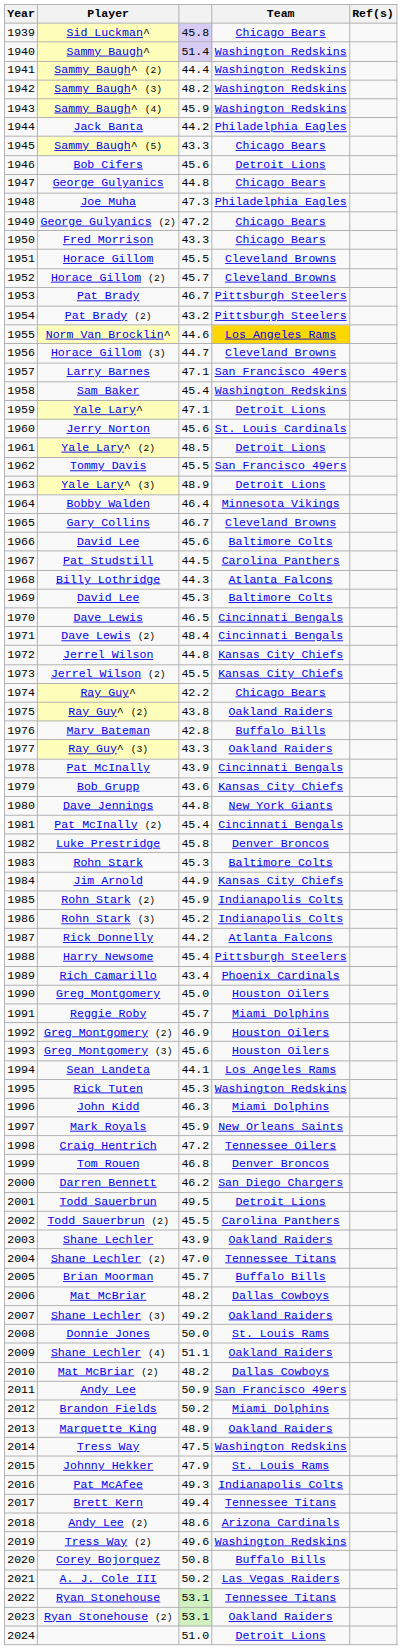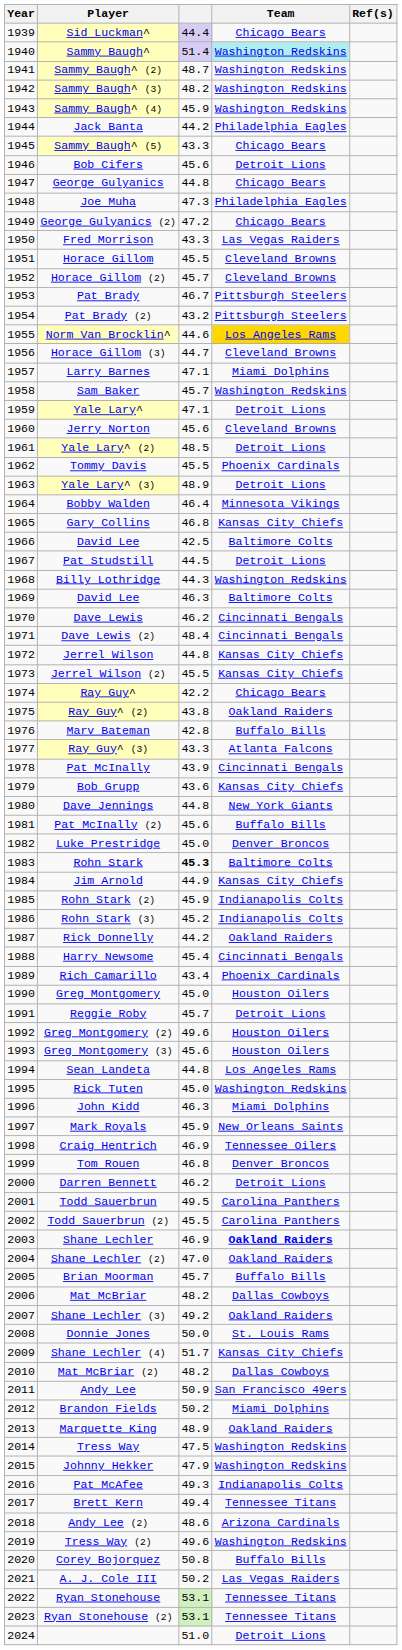 <table class="wikitable sortable" style="text-align:center;">
 <tr>
 <th>Year</th>
 <th>Player</th>
 <th></th>
 <th>Team</th>
 <th>Ref(s)</th>
 </tr>
 <tr>
 <td>1939</td>
 <td style="background:#ffb;"><a href='#'>Sid Luckman</a>^</td>
-<td style="background:#d7ccf3;">45.8</td>
+<td style="background:#d7ccf3;">44.4</td>
 <td><a href='#'>Chicago Bears</a></td>
 <td></td>
 </tr>
 <tr>
 <td>1940</td>
 <td style="background:#ffb;"><a href='#'>Sammy Baugh</a>^</td>
 <td style="background:#d7ccf3;">51.4</td>
-<td><a href='#'>Washington Redskins</a></td>
+<td style="background: paleturquoise;"><a href='#'>Washington Redskins</a></td>
 <td></td>
 </tr>
 <tr>
 <td>1941</td>
 <td style="background:#ffb;"><a href='#'>Sammy Baugh</a>^ <small>(2)</small></td>
-<td>44.4</td>
+<td>48.7</td>
 <td><a href='#'>Washington Redskins</a></td>
 <td></td>
 </tr>
 <tr>
 <td>1942</td>
 <td style="background:#ffb;"><a href='#'>Sammy Baugh</a>^ <small>(3)</small></td>
 <td>48.2</td>
 <td><a href='#'>Washington Redskins</a></td>
 <td></td>
 </tr>
 <tr>
 <td>1943</td>
 <td style="background:#ffb;"><a href='#'>Sammy Baugh</a>^ <small>(4)</small></td>
 <td>45.9</td>
 <td><a href='#'>Washington Redskins</a></td>
 <td></td>
 </tr>
 <tr>
 <td>1944</td>
 <td><a href='#'>Jack Banta</a></td>
 <td>44.2</td>
 <td><a href='#'>Philadelphia Eagles</a></td>
 <td></td>
 </tr>
 <tr>
 <td>1945</td>
 <td style="background:#ffb;"><a href='#'>Sammy Baugh</a>^ <small>(5)</small></td>
 <td>43.3</td>
 <td><a href='#'>Chicago Bears</a></td>
 <td></td>
 </tr>
 <tr>
 <td>1946</td>
 <td><a href='#'>Bob Cifers</a></td>
 <td>45.6</td>
 <td><a href='#'>Detroit Lions</a></td>
 <td></td>
 </tr>
 <tr>
 <td>1947</td>
 <td><a href='#'>George Gulyanics</a></td>
 <td>44.8</td>
 <td><a href='#'>Chicago Bears</a></td>
 <td></td>
 </tr>
 <tr>
 <td>1948</td>
 <td><a href='#'>Joe Muha</a></td>
 <td>47.3</td>
 <td><a href='#'>Philadelphia Eagles</a></td>
 <td></td>
 </tr>
 <tr>
 <td>1949</td>
 <td><a href='#'>George Gulyanics</a> <small>(2)</small></td>
 <td>47.2</td>
 <td><a href='#'>Chicago Bears</a></td>
 <td></td>
 </tr>
 <tr>
 <td>1950</td>
 <td><a href='#'>Fred Morrison</a></td>
 <td>43.3</td>
-<td><a href='#'>Chicago Bears</a></td>
+<td><a href='#'>Las Vegas Raiders</a></td>
 <td></td>
 </tr>
 <tr>
 <td>1951</td>
 <td><a href='#'>Horace Gillom</a></td>
 <td>45.5</td>
 <td><a href='#'>Cleveland Browns</a></td>
 <td></td>
 </tr>
 <tr>
 <td>1952</td>
 <td><a href='#'>Horace Gillom</a> <small>(2)</small></td>
 <td>45.7</td>
 <td><a href='#'>Cleveland Browns</a></td>
 <td></td>
 </tr>
 <tr>
 <td>1953</td>
 <td><a href='#'>Pat Brady</a></td>
 <td>46.7</td>
 <td><a href='#'>Pittsburgh Steelers</a></td>
 <td></td>
 </tr>
 <tr>
 <td>1954</td>
 <td><a href='#'>Pat Brady</a> <small>(2)</small></td>
 <td>43.2</td>
 <td><a href='#'>Pittsburgh Steelers</a></td>
 <td></td>
 </tr>
 <tr>
 <td>1955</td>
 <td style="background:#ffb;"><a href='#'>Norm Van Brocklin</a>^</td>
 <td>44.6</td>
 <td style="background: gold;"><a href='#'>Los Angeles Rams</a></td>
 <td></td>
 </tr>
 <tr>
 <td>1956</td>
 <td><a href='#'>Horace Gillom</a> <small>(3)</small></td>
 <td>44.7</td>
 <td><a href='#'>Cleveland Browns</a></td>
 <td></td>
 </tr>
 <tr>
 <td>1957</td>
 <td><a href='#'>Larry Barnes</a></td>
 <td>47.1</td>
-<td><a href='#'>San Francisco 49ers</a></td>
+<td><a href='#'>Miami Dolphins</a></td>
 <td></td>
 </tr>
 <tr>
 <td>1958</td>
 <td><a href='#'>Sam Baker</a></td>
-<td>45.4</td>
+<td>45.7</td>
 <td><a href='#'>Washington Redskins</a></td>
 <td></td>
 </tr>
 <tr>
 <td>1959</td>
 <td style="background:#ffb;"><a href='#'>Yale Lary</a>^</td>
 <td>47.1</td>
 <td><a href='#'>Detroit Lions</a></td>
 <td></td>
 </tr>
 <tr>
 <td>1960</td>
 <td><a href='#'>Jerry Norton</a></td>
 <td>45.6</td>
-<td><a href='#'>St. Louis Cardinals</a></td>
+<td><a href='#'>Cleveland Browns</a></td>
 <td></td>
 </tr>
 <tr>
 <td>1961</td>
 <td style="background:#ffb;"><a href='#'>Yale Lary</a>^ <small>(2)</small></td>
 <td>48.5</td>
 <td><a href='#'>Detroit Lions</a></td>
 <td></td>
 </tr>
 <tr>
 <td>1962</td>
 <td><a href='#'>Tommy Davis</a></td>
 <td>45.5</td>
-<td><a href='#'>San Francisco 49ers</a></td>
+<td><a href='#'>Phoenix Cardinals</a></td>
 <td></td>
 </tr>
 <tr>
 <td>1963</td>
 <td style="background:#ffb;"><a href='#'>Yale Lary</a>^ <small>(3)</small></td>
 <td>48.9</td>
 <td><a href='#'>Detroit Lions</a></td>
 <td></td>
 </tr>
 <tr>
 <td>1964</td>
 <td><a href='#'>Bobby Walden</a></td>
 <td>46.4</td>
 <td><a href='#'>Minnesota Vikings</a></td>
 <td></td>
 </tr>
 <tr>
 <td>1965</td>
 <td><a href='#'>Gary Collins</a></td>
-<td>46.7</td>
-<td><a href='#'>Cleveland Browns</a></td>
+<td>46.8</td>
+<td><a href='#'>Kansas City Chiefs</a></td>
 <td></td>
 </tr>
 <tr>
 <td>1966</td>
 <td><a href='#'>David Lee</a></td>
-<td>45.6</td>
+<td>42.5</td>
 <td><a href='#'>Baltimore Colts</a></td>
 <td></td>
 </tr>
 <tr>
 <td>1967</td>
 <td><a href='#'>Pat Studstill</a></td>
 <td>44.5</td>
-<td><a href='#'>Carolina Panthers</a></td>
+<td><a href='#'>Detroit Lions</a></td>
 <td></td>
 </tr>
 <tr>
 <td>1968</td>
 <td><a href='#'>Billy Lothridge</a></td>
 <td>44.3</td>
-<td><a href='#'>Atlanta Falcons</a></td>
+<td><a href='#'>Washington Redskins</a></td>
 <td></td>
 </tr>
 <tr>
 <td>1969</td>
 <td><a href='#'>David Lee</a></td>
-<td>45.3</td>
+<td>46.3</td>
 <td><a href='#'>Baltimore Colts</a></td>
 <td></td>
 </tr>
 <tr>
 <td>1970</td>
 <td><a href='#'>Dave Lewis</a></td>
-<td>46.5</td>
+<td>46.2</td>
 <td><a href='#'>Cincinnati Bengals</a></td>
 <td></td>
 </tr>
 <tr>
 <td>1971</td>
 <td><a href='#'>Dave Lewis</a> <small>(2)</small></td>
 <td>48.4</td>
 <td><a href='#'>Cincinnati Bengals</a></td>
 <td></td>
 </tr>
 <tr>
 <td>1972</td>
 <td><a href='#'>Jerrel Wilson</a></td>
 <td>44.8</td>
 <td><a href='#'>Kansas City Chiefs</a></td>
 <td></td>
 </tr>
 <tr>
 <td>1973</td>
 <td><a href='#'>Jerrel Wilson</a> <small>(2)</small></td>
 <td>45.5</td>
 <td><a href='#'>Kansas City Chiefs</a></td>
 <td></td>
 </tr>
 <tr>
 <td>1974</td>
 <td style="background:#ffb;"><a href='#'>Ray Guy</a>^</td>
 <td>42.2</td>
 <td><a href='#'>Chicago Bears</a></td>
 <td></td>
 </tr>
 <tr>
 <td>1975</td>
 <td style="background:#ffb;"><a href='#'>Ray Guy</a>^ <small>(2)</small></td>
 <td>43.8</td>
 <td><a href='#'>Oakland Raiders</a></td>
 <td></td>
 </tr>
 <tr>
 <td>1976</td>
 <td><a href='#'>Marv Bateman</a></td>
 <td>42.8</td>
 <td><a href='#'>Buffalo Bills</a></td>
 <td></td>
 </tr>
 <tr>
 <td>1977</td>
 <td style="background:#ffb;"><a href='#'>Ray Guy</a>^ <small>(3)</small></td>
 <td>43.3</td>
-<td><a href='#'>Oakland Raiders</a></td>
+<td><a href='#'>Atlanta Falcons</a></td>
 <td></td>
 </tr>
 <tr>
 <td>1978</td>
 <td><a href='#'>Pat McInally</a></td>
 <td>43.9</td>
 <td><a href='#'>Cincinnati Bengals</a></td>
 <td></td>
 </tr>
 <tr>
 <td>1979</td>
 <td><a href='#'>Bob Grupp</a></td>
 <td>43.6</td>
 <td><a href='#'>Kansas City Chiefs</a></td>
 <td></td>
 </tr>
 <tr>
 <td>1980</td>
 <td><a href='#'>Dave Jennings</a></td>
 <td>44.8</td>
 <td><a href='#'>New York Giants</a></td>
 <td></td>
 </tr>
 <tr>
 <td>1981</td>
 <td><a href='#'>Pat McInally</a> <small>(2)</small></td>
-<td>45.4</td>
-<td><a href='#'>Cincinnati Bengals</a></td>
+<td>45.6</td>
+<td><a href='#'>Buffalo Bills</a></td>
 <td></td>
 </tr>
 <tr>
 <td>1982</td>
 <td><a href='#'>Luke Prestridge</a></td>
-<td>45.8</td>
+<td>45.0</td>
 <td><a href='#'>Denver Broncos</a></td>
 <td></td>
 </tr>
 <tr>
 <td>1983</td>
 <td><a href='#'>Rohn Stark</a></td>
-<td>45.3</td>
+<td><strong>45.3</strong></td>
 <td><a href='#'>Baltimore Colts</a></td>
 <td></td>
 </tr>
 <tr>
 <td>1984</td>
 <td><a href='#'>Jim Arnold</a></td>
 <td>44.9</td>
 <td><a href='#'>Kansas City Chiefs</a></td>
 <td></td>
 </tr>
 <tr>
 <td>1985</td>
 <td><a href='#'>Rohn Stark</a> <small>(2)</small></td>
 <td>45.9</td>
 <td><a href='#'>Indianapolis Colts</a></td>
 <td></td>
 </tr>
 <tr>
 <td>1986</td>
 <td><a href='#'>Rohn Stark</a> <small>(3)</small></td>
 <td>45.2</td>
 <td><a href='#'>Indianapolis Colts</a></td>
 <td></td>
 </tr>
 <tr>
 <td>1987</td>
 <td><a href='#'>Rick Donnelly</a></td>
 <td>44.2</td>
-<td><a href='#'>Atlanta Falcons</a></td>
+<td><a href='#'>Oakland Raiders</a></td>
 <td></td>
 </tr>
 <tr>
 <td>1988</td>
 <td><a href='#'>Harry Newsome</a></td>
 <td>45.4</td>
-<td><a href='#'>Pittsburgh Steelers</a></td>
+<td><a href='#'>Cincinnati Bengals</a></td>
 <td></td>
 </tr>
 <tr>
 <td>1989</td>
 <td><a href='#'>Rich Camarillo</a></td>
 <td>43.4</td>
 <td><a href='#'>Phoenix Cardinals</a></td>
 <td></td>
 </tr>
 <tr>
 <td>1990</td>
 <td><a href='#'>Greg Montgomery</a></td>
 <td>45.0</td>
 <td><a href='#'>Houston Oilers</a></td>
 <td></td>
 </tr>
 <tr>
 <td>1991</td>
 <td><a href='#'>Reggie Roby</a></td>
 <td>45.7</td>
-<td><a href='#'>Miami Dolphins</a></td>
+<td><a href='#'>Detroit Lions</a></td>
 <td></td>
 </tr>
 <tr>
 <td>1992</td>
 <td><a href='#'>Greg Montgomery</a> <small>(2)</small></td>
-<td>46.9</td>
+<td>49.6</td>
 <td><a href='#'>Houston Oilers</a></td>
 <td></td>
 </tr>
 <tr>
 <td>1993</td>
 <td><a href='#'>Greg Montgomery</a> <small>(3)</small></td>
 <td>45.6</td>
 <td><a href='#'>Houston Oilers</a></td>
 <td></td>
 </tr>
 <tr>
 <td>1994</td>
 <td><a href='#'>Sean Landeta</a></td>
-<td>44.1</td>
+<td>44.8</td>
 <td><a href='#'>Los Angeles Rams</a></td>
 <td></td>
 </tr>
 <tr>
 <td>1995</td>
 <td><a href='#'>Rick Tuten</a></td>
-<td>45.3</td>
+<td>45.0</td>
 <td><a href='#'>Washington Redskins</a></td>
 <td></td>
 </tr>
 <tr>
 <td>1996</td>
 <td><a href='#'>John Kidd</a></td>
 <td>46.3</td>
 <td><a href='#'>Miami Dolphins</a></td>
 <td></td>
 </tr>
 <tr>
 <td>1997</td>
 <td><a href='#'>Mark Royals</a></td>
 <td>45.9</td>
 <td><a href='#'>New Orleans Saints</a></td>
 <td></td>
 </tr>
 <tr>
 <td>1998</td>
 <td><a href='#'>Craig Hentrich</a></td>
-<td>47.2</td>
+<td>46.9</td>
 <td><a href='#'>Tennessee Oilers</a></td>
 <td></td>
 </tr>
 <tr>
 <td>1999</td>
 <td><a href='#'>Tom Rouen</a></td>
 <td>46.8</td>
 <td><a href='#'>Denver Broncos</a></td>
 <td></td>
 </tr>
 <tr>
 <td>2000</td>
 <td><a href='#'>Darren Bennett</a></td>
 <td>46.2</td>
-<td><a href='#'>San Diego Chargers</a></td>
+<td><a href='#'>Detroit Lions</a></td>
 <td></td>
 </tr>
 <tr>
 <td>2001</td>
 <td><a href='#'>Todd Sauerbrun</a></td>
 <td>49.5</td>
-<td><a href='#'>Detroit Lions</a></td>
+<td><a href='#'>Carolina Panthers</a></td>
 <td></td>
 </tr>
 <tr>
 <td>2002</td>
 <td><a href='#'>Todd Sauerbrun</a> <small>(2)</small></td>
 <td>45.5</td>
 <td><a href='#'>Carolina Panthers</a></td>
 <td></td>
 </tr>
 <tr>
 <td>2003</td>
 <td><a href='#'>Shane Lechler</a></td>
-<td>43.9</td>
-<td><a href='#'>Oakland Raiders</a></td>
+<td>46.9</td>
+<td><strong><a href='#'>Oakland Raiders</a></strong></td>
 <td></td>
 </tr>
 <tr>
 <td>2004</td>
 <td><a href='#'>Shane Lechler</a> <small>(2)</small></td>
 <td>47.0</td>
-<td><a href='#'>Tennessee Titans</a></td>
+<td><a href='#'>Oakland Raiders</a></td>
 <td></td>
 </tr>
 <tr>
 <td>2005</td>
 <td><a href='#'>Brian Moorman</a></td>
 <td>45.7</td>
 <td><a href='#'>Buffalo Bills</a></td>
 <td></td>
 </tr>
 <tr>
 <td>2006</td>
 <td><a href='#'>Mat McBriar</a></td>
 <td>48.2</td>
 <td><a href='#'>Dallas Cowboys</a></td>
 <td></td>
 </tr>
 <tr>
 <td>2007</td>
 <td><a href='#'>Shane Lechler</a> <small>(3)</small></td>
 <td>49.2</td>
 <td><a href='#'>Oakland Raiders</a></td>
 <td></td>
 </tr>
 <tr>
 <td>2008</td>
 <td><a href='#'>Donnie Jones</a></td>
 <td>50.0</td>
 <td><a href='#'>St. Louis Rams</a></td>
 <td></td>
 </tr>
 <tr>
 <td>2009</td>
 <td><a href='#'>Shane Lechler</a> <small>(4)</small></td>
-<td>51.1</td>
-<td><a href='#'>Oakland Raiders</a></td>
+<td>51.7</td>
+<td><a href='#'>Kansas City Chiefs</a></td>
 <td></td>
 </tr>
 <tr>
 <td>2010</td>
 <td><a href='#'>Mat McBriar</a> <small>(2)</small></td>
 <td>48.2</td>
 <td><a href='#'>Dallas Cowboys</a></td>
 <td></td>
 </tr>
 <tr>
 <td>2011</td>
 <td><a href='#'>Andy Lee</a></td>
 <td>50.9</td>
 <td><a href='#'>San Francisco 49ers</a></td>
 <td></td>
 </tr>
 <tr>
 <td>2012</td>
 <td><a href='#'>Brandon Fields</a></td>
 <td>50.2</td>
 <td><a href='#'>Miami Dolphins</a></td>
 <td></td>
 </tr>
 <tr>
 <td>2013</td>
 <td><a href='#'>Marquette King</a></td>
 <td>48.9</td>
 <td><a href='#'>Oakland Raiders</a></td>
 <td></td>
 </tr>
 <tr>
 <td>2014</td>
 <td><a href='#'>Tress Way</a></td>
 <td>47.5</td>
 <td><a href='#'>Washington Redskins</a></td>
 <td></td>
 </tr>
 <tr>
 <td>2015</td>
 <td><a href='#'>Johnny Hekker</a></td>
 <td>47.9</td>
-<td><a href='#'>St. Louis Rams</a></td>
+<td><a href='#'>Washington Redskins</a></td>
 <td></td>
 </tr>
 <tr>
 <td>2016</td>
 <td><a href='#'>Pat McAfee</a></td>
 <td>49.3</td>
 <td><a href='#'>Indianapolis Colts</a></td>
 <td></td>
 </tr>
 <tr>
 <td>2017</td>
 <td><a href='#'>Brett Kern</a></td>
 <td>49.4</td>
 <td><a href='#'>Tennessee Titans</a></td>
 <td></td>
 </tr>
 <tr>
 <td>2018</td>
 <td><a href='#'>Andy Lee</a> <small>(2)</small></td>
 <td>48.6</td>
 <td><a href='#'>Arizona Cardinals</a></td>
 <td></td>
 </tr>
 <tr>
 <td>2019</td>
 <td><a href='#'>Tress Way</a> <small>(2)</small></td>
 <td>49.6</td>
 <td><a href='#'>Washington Redskins</a></td>
 <td></td>
 </tr>
 <tr>
 <td>2020</td>
 <td><a href='#'>Corey Bojorquez</a></td>
 <td>50.8</td>
 <td><a href='#'>Buffalo Bills</a></td>
 <td></td>
 </tr>
 <tr>
 <td>2021</td>
 <td><a href='#'>A. J. Cole III</a></td>
 <td>50.2</td>
 <td><a href='#'>Las Vegas Raiders</a></td>
 <td></td>
 </tr>
 <tr>
 <td>2022</td>
 <td><a href='#'>Ryan Stonehouse</a></td>
 <td style="background:#d0f0c0;">53.1</td>
 <td><a href='#'>Tennessee Titans</a></td>
 <td></td>
 </tr>
 <tr>
 <td>2023</td>
 <td><a href='#'>Ryan Stonehouse</a> <small>(2)</small></td>
 <td style="background:#d0f0c0;">53.1</td>
-<td><a href='#'>Oakland Raiders</a></td>
+<td><a href='#'>Tennessee Titans</a></td>
 <td></td>
 </tr>
 <tr>
 <td>2024</td>
 <td></td>
 <td>51.0</td>
 <td><a href='#'>Detroit Lions</a></td>
 <td></td>
 </tr>
 </table>
